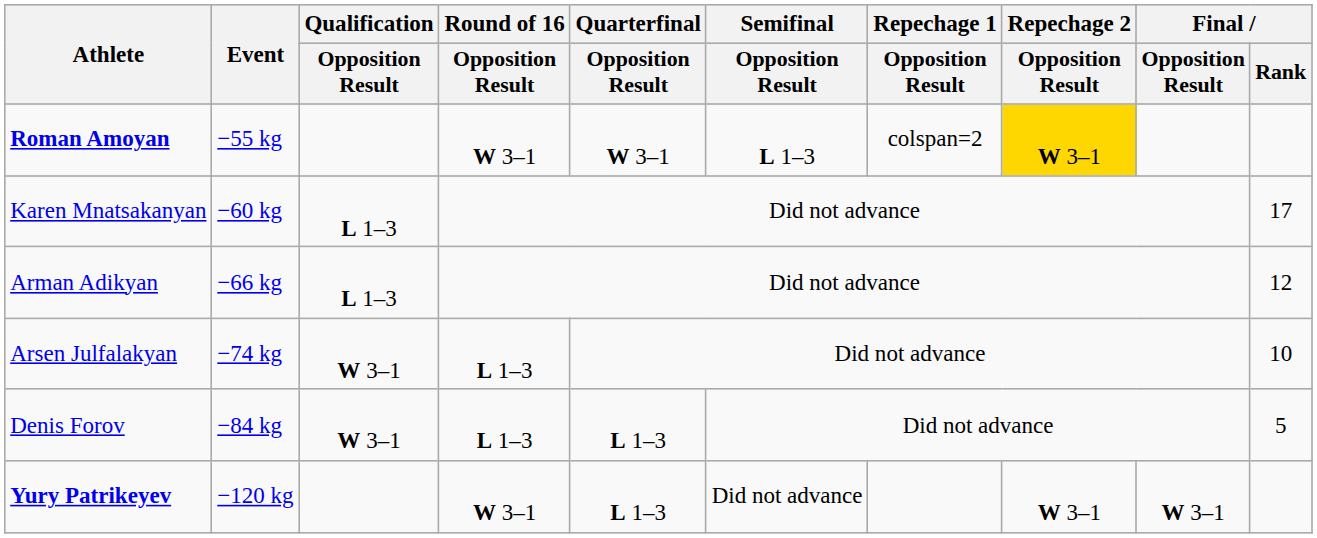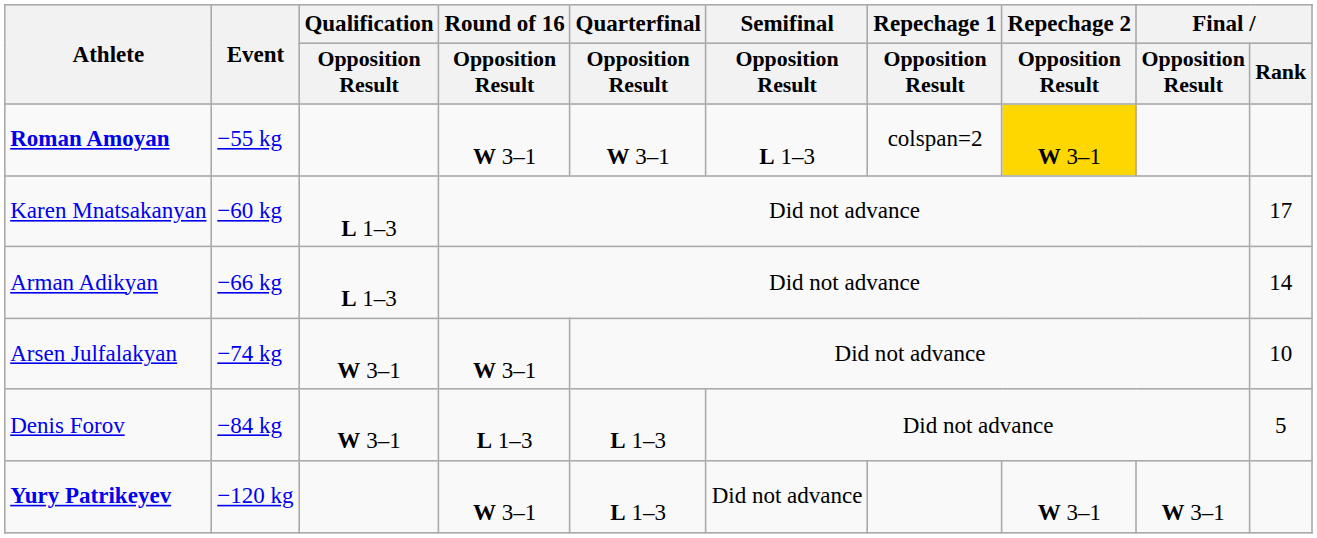 <table class="wikitable" style="font-size:90%">
 <tr>
 <th rowspan="2">Athlete</th>
 <th rowspan="2">Event</th>
 <th>Qualification</th>
 <th>Round of 16</th>
 <th>Quarterfinal</th>
 <th>Semifinal</th>
 <th>Repechage 1</th>
 <th>Repechage 2</th>
 <th colspan=2>Final / </th>
 </tr>
 <tr style="font-size: 95%">
 <th>Opposition<br>Result</th>
 <th>Opposition<br>Result</th>
 <th>Opposition<br>Result</th>
 <th>Opposition<br>Result</th>
 <th>Opposition<br>Result</th>
 <th>Opposition<br>Result</th>
 <th>Opposition<br>Result</th>
 <th>Rank</th>
 </tr>
 <tr align=center>
 <td align=left><strong><a href='#'>Roman Amoyan</a></strong></td>
 <td align=left><a href='#'>−55 kg</a></td>
 <td></td>
 <td><br><strong>W</strong> 3–1 <sup></sup></td>
 <td><br><strong>W</strong> 3–1 <sup></sup></td>
 <td><br> <strong>L</strong> 1–3 <sup></sup></td>
 <td>colspan=2 </td>
 <td style="background: gold;"><br><strong>W</strong> 3–1 <sup></sup></td>
 <td></td>
 </tr>
 <tr align=center>
 <td align=left><a href='#'>Karen Mnatsakanyan</a></td>
 <td align=left><a href='#'>−60 kg</a></td>
 <td><br> <strong>L</strong> 1–3 <sup></sup></td>
 <td colspan=6>Did not advance</td>
 <td>17</td>
 </tr>
 <tr align=center>
 <td align=left><a href='#'>Arman Adikyan</a></td>
 <td align=left><a href='#'>−66 kg</a></td>
 <td><br> <strong>L</strong> 1–3 <sup></sup></td>
 <td colspan=6>Did not advance</td>
-<td>12</td>
+<td>14</td>
 </tr>
 <tr align=center>
 <td align=left><a href='#'>Arsen Julfalakyan</a></td>
 <td align=left><a href='#'>−74 kg</a></td>
 <td><br><strong>W</strong> 3–1 <sup></sup></td>
-<td><br><strong>L</strong> 1–3 <sup></sup></td>
+<td><br><strong>W</strong> 3–1 <sup></sup></td>
 <td colspan=5>Did not advance</td>
 <td>10</td>
 </tr>
 <tr align=center>
 <td align=left><a href='#'>Denis Forov</a></td>
 <td align=left><a href='#'>−84 kg</a></td>
 <td><br><strong>W</strong> 3–1 <sup></sup></td>
 <td><br><strong>L</strong> 1–3 <sup></sup></td>
 <td><br><strong>L</strong> 1–3 <sup></sup></td>
 <td colspan=4>Did not advance</td>
 <td>5</td>
 </tr>
 <tr align=center>
 <td align=left><strong><a href='#'>Yury Patrikeyev</a></strong></td>
 <td align=left><a href='#'>−120 kg</a></td>
 <td></td>
 <td><br><strong>W</strong> 3–1 <sup></sup></td>
 <td><br><strong>L</strong> 1–3 <sup></sup></td>
 <td>Did not advance</td>
 <td></td>
 <td><br><strong>W</strong> 3–1 <sup></sup></td>
 <td><br><strong>W</strong> 3–1 <sup></sup></td>
 <td></td>
 </tr>
 </table>
